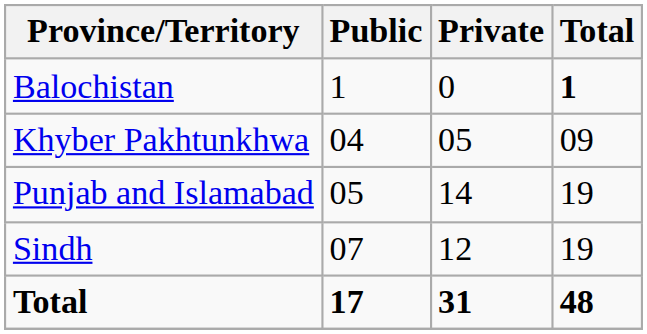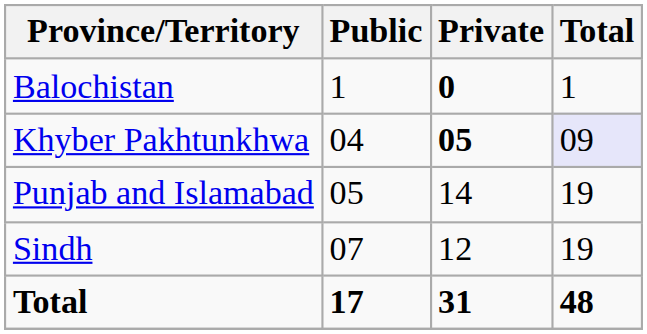 <table class="wikitable sortable">
 <tr>
 <th>Province/Territory</th>
 <th>Public</th>
 <th>Private</th>
 <th>Total</th>
 </tr>
 <tr>
 <td><a href='#'>Balochistan</a></td>
 <td>1</td>
-<td>0</td>
-<td><strong>1</strong></td>
+<td><strong>0</strong></td>
+<td>1</td>
 </tr>
 <tr>
 <td><a href='#'>Khyber Pakhtunkhwa</a></td>
 <td>04</td>
-<td>05</td>
-<td>09</td>
+<td><strong>05</strong></td>
+<td style="background: lavender;">09</td>
 </tr>
 <tr>
 <td><a href='#'>Punjab and Islamabad</a></td>
 <td>05</td>
 <td>14</td>
 <td>19</td>
 </tr>
 <tr>
 <td><a href='#'>Sindh</a></td>
 <td>07</td>
 <td>12</td>
 <td>19</td>
 </tr>
 <tr>
 <td><strong>Total</strong></td>
 <td><strong>17</strong></td>
 <td><strong>31</strong></td>
 <td><strong>48</strong></td>
 </tr>
 <tr>
 </tr>
 </table>
